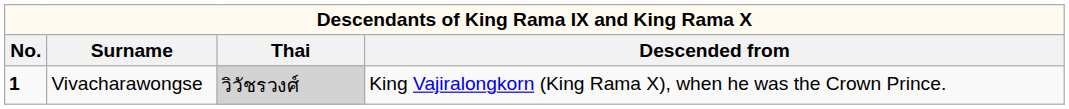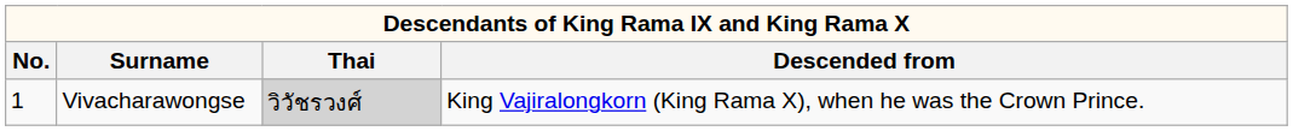 <table class="wikitable collapsible collapsed" style="width:100%;">
 <tr>
 <th style="align: center; background: #fffaf0;" colspan="4"><strong>Descendants of King Rama IX and King Rama X</strong></th>
 </tr>
 <tr>
 <th style="width:4%;">No.</th>
 <th style="width:16%;">Surname</th>
 <th style="width:14%;">Thai</th>
 <th style="width:66%;">Descended from</th>
 </tr>
 <tr>
-<td><strong>1</strong></td>
+<td>1</td>
 <td>Vivacharawongse</td>
 <td style="background: lightgrey;">วิวัชรวงศ์</td>
 <td>King <a href='#'>Vajiralongkorn</a> (King Rama X), when he was the Crown Prince.</td>
 </tr>
 </table>
